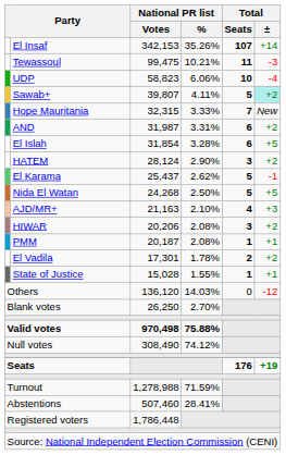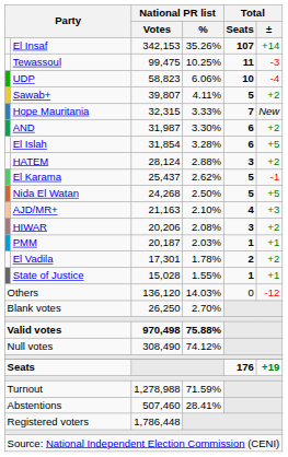 <table class="wikitable" style="text-align:right;font-size:90%;">
 <tr>
 <th rowspan="2" colspan="2">Party</th>
 <th colspan="2">National PR list</th>
 <th colspan="2">Total</th>
 </tr>
 <tr>
 <th width="50">Votes</th>
 <th width="50">%</th>
 <th width="25">Seats</th>
 <th width="20">±</th>
 </tr>
 <tr>
 <td width="1" style="color:inherit;background:"></td>
 <td style="text-align:left;"><a href='#'>El Insaf</a></td>
 <td>342,153</td>
 <td>35.26%</td>
 <td><strong>107</strong></td>
 <td style="color:green;">+14</td>
 </tr>
 <tr>
 <td width="1" style="color:inherit;background:"></td>
 <td style="text-align:left;"><a href='#'>Tewassoul</a></td>
 <td>99,475</td>
-<td>10.21%</td>
+<td>10.25%</td>
 <td><strong>11</strong></td>
 <td style="color:red;">-3</td>
 </tr>
 <tr>
 <td width="1" style="color:inherit;background:#0FAF05;"></td>
 <td style="text-align:left;"><a href='#'>UDP</a></td>
 <td>58,823</td>
 <td>6.06%</td>
 <td><strong>10</strong></td>
 <td style="color:red;">-4</td>
 </tr>
 <tr>
 <td width="1" style="color:inherit;background:#F0C832;"></td>
 <td style="text-align:left;"><a href='#'>Sawab+</a></td>
 <td>39,807</td>
 <td>4.11%</td>
 <td><strong>5</strong></td>
-<td style="background: paleturquoise; color:green;">+2</td>
+<td style="color:green;">+2</td>
 </tr>
 <tr>
 <td width="1" style="color:inherit;background:#3080B7;"></td>
 <td style="text-align:left;"><a href='#'>Hope Mauritania</a></td>
 <td>32,315</td>
 <td>3.33%</td>
 <td><strong>7</strong></td>
 <td><em>New</em></td>
 </tr>
 <tr>
 <td width="1" style="color:inherit;background:#0AA450;"></td>
 <td style="text-align:left;"><a href='#'>AND</a></td>
 <td>31,987</td>
-<td>3.31%</td>
+<td>3.30%</td>
 <td><strong>6</strong></td>
 <td style="color:green;">+2</td>
 </tr>
 <tr>
 <td width="1" style="color:inherit;background:"></td>
 <td style="text-align:left;"><a href='#'>El Islah</a></td>
 <td>31,854</td>
 <td>3.28%</td>
 <td><strong>6</strong></td>
 <td style="color:green;">+5</td>
 </tr>
 <tr>
 <td width="1" style="color:inherit;background:"></td>
 <td style="text-align:left;"><a href='#'>HATEM</a></td>
 <td>28,124</td>
-<td>2.90%</td>
+<td>2.88%</td>
 <td><strong>3</strong></td>
 <td style="color:green;">+2</td>
 </tr>
 <tr>
 <td width="1" style="color:inherit;background:#4FCB68;"></td>
 <td style="text-align:left;"><a href='#'>El Karama</a></td>
 <td>25,437</td>
 <td>2.62%</td>
 <td><strong>5</strong></td>
 <td style="color:red;">-1</td>
 </tr>
 <tr>
 <td width="1" style="color:inherit;background:#C96A2F;"></td>
 <td style="text-align:left;"><a href='#'>Nida El Watan</a></td>
 <td>24,268</td>
 <td>2.50%</td>
 <td><strong>5</strong></td>
 <td style="color:green;">+5</td>
 </tr>
 <tr>
 <td width="1" style="color:inherit;background:#F8C3A0;"></td>
 <td style="text-align:left;"><a href='#'>AJD/MR+</a></td>
 <td>21,163</td>
 <td>2.10%</td>
 <td><strong>4</strong></td>
 <td style="color:green;">+3</td>
 </tr>
 <tr>
 <td width="1" style="color:inherit;background:#A47A7E;"></td>
 <td style="text-align:left;"><a href='#'>HIWAR</a></td>
 <td>20,206</td>
 <td>2.08%</td>
 <td><strong>3</strong></td>
 <td style="color:green;">+2</td>
 </tr>
 <tr>
 <td width="1" style="color:inherit;background:#00A1D7;"></td>
 <td style="text-align:left;"><a href='#'>PMM</a></td>
 <td>20,187</td>
-<td>2.08%</td>
+<td>2.03%</td>
 <td><strong>1</strong></td>
 <td style="color:green;">+1</td>
 </tr>
 <tr>
 <td width="1" style="color:inherit;background:"></td>
 <td style="text-align:left;"><a href='#'>El Vadila</a></td>
 <td>17,301</td>
 <td>1.78%</td>
 <td><strong>2</strong></td>
 <td style="color:green;">+2</td>
 </tr>
 <tr>
 <td width="1" style="color:inherit;background:#666666;"></td>
 <td style="text-align:left;"><a href='#'>State of Justice</a></td>
 <td>15,028</td>
 <td>1.55%</td>
 <td><strong>1</strong></td>
 <td style="color:green;">+1</td>
 </tr>
 <tr>
 <td colspan="2" style="text-align:left;">Others</td>
 <td>136,120</td>
 <td>14.03%</td>
 <td>0</td>
 <td style="color:red;">-12</td>
 </tr>
 <tr>
 <td colspan="2" style="text-align:left;">Blank votes</td>
 <td>26,250</td>
 <td>2.70%</td>
 <td colspan="2" style="background:#E9E9E9;"></td>
 </tr>
 <tr>
 <td colspan="6" style="background:#E9E9E9;"></td>
 </tr>
 <tr style="font-weight:bold;">
 <td colspan="2" style="text-align:left;">Valid votes</td>
 <td>970,498</td>
 <td>75.88%</td>
 <td colspan="2" style="background:#E9E9E9;"></td>
 </tr>
 <tr>
 <td colspan="2" style="text-align:left;">Null votes</td>
 <td>308,490</td>
 <td>74.12%</td>
 <td colspan="2" style="background:#E9E9E9;"></td>
 </tr>
 <tr>
 <td colspan="6" style="background:#E9E9E9;"></td>
 </tr>
 <tr>
 </tr>
 <tr style="font-weight:bold;">
 <td colspan="2" style="text-align:left;">Seats</td>
 <td colspan="2" style="background:#E9E9E9;"></td>
 <td>176</td>
 <td style="color:green;">+19</td>
 </tr>
 <tr>
 <td colspan="6" style="background:#E9E9E9;"></td>
 </tr>
 <tr>
 <td colspan="2" style="text-align:left;">Turnout</td>
 <td>1,278,988</td>
 <td>71.59%</td>
 <td colspan="2" style="background:#E9E9E9;"></td>
 </tr>
 <tr>
 <td colspan="2" style="text-align:left;">Abstentions</td>
 <td>507,460</td>
 <td>28.41%</td>
 <td colspan="2" style="background:#E9E9E9;"></td>
 </tr>
 <tr>
 <td colspan="2" style="text-align:left;">Registered voters</td>
 <td>1,786,448</td>
 <td colspan="3" style="background:#E9E9E9;"></td>
 </tr>
 <tr>
 <td colspan="6" style="background:#E9E9E9;"></td>
 </tr>
 <tr>
 <td colspan="6" style="text-align:left;">Source: <a href='#'>National Independent Election Commission</a> (CENI)</td>
 </tr>
 </table>
